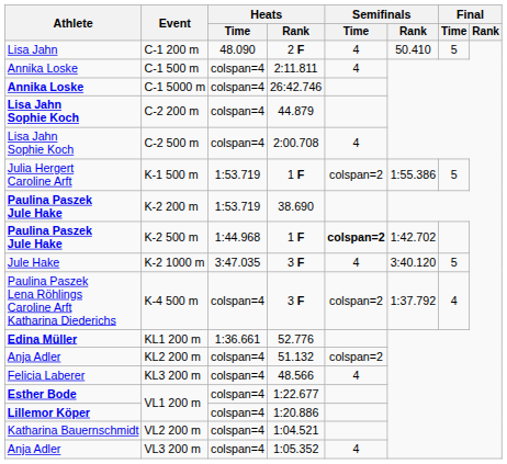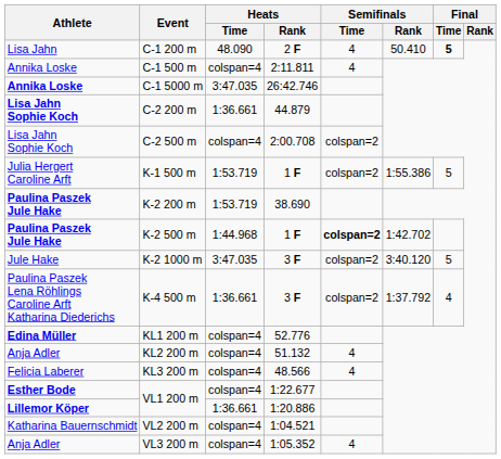 <table class=wikitable style="font-size:90%">
 <tr>
 <th rowspan="2">Athlete</th>
 <th rowspan="2">Event</th>
 <th colspan=2>Heats</th>
 <th colspan=2>Semifinals</th>
 <th colspan=2>Final</th>
 </tr>
 <tr style="font-size:95%">
 <th>Time</th>
 <th>Rank</th>
 <th>Time</th>
 <th>Rank</th>
 <th>Time</th>
 <th>Rank</th>
 </tr>
 <tr align=center>
 <td align=left><a href='#'>Lisa Jahn</a></td>
 <td align=left>C-1 200 m</td>
 <td>48.090</td>
 <td>2 <strong>F</strong></td>
 <td>4</td>
 <td>50.410</td>
-<td>5</td>
+<td><strong>5</strong></td>
 </tr>
 <tr align=center>
 <td align=left><a href='#'>Annika Loske</a></td>
 <td align=left>C-1 500 m</td>
 <td>colspan=4</td>
 <td>2:11.811</td>
 <td>4</td>
 </tr>
 <tr align=center>
 <td align=left><strong><a href='#'>Annika Loske</a></strong></td>
 <td align=left>C-1 5000 m</td>
-<td>colspan=4</td>
+<td>3:47.035</td>
 <td>26:42.746</td>
 <td></td>
 </tr>
 <tr align=center>
 <td align=left><strong><a href='#'>Lisa Jahn</a><br><a href='#'>Sophie Koch</a></strong></td>
 <td align=left>C-2 200 m</td>
-<td>colspan=4</td>
+<td>1:36.661</td>
 <td>44.879</td>
 <td></td>
 </tr>
 <tr align=center>
 <td align=left><a href='#'>Lisa Jahn</a><br><a href='#'>Sophie Koch</a></td>
 <td align=left>C-2 500 m</td>
 <td>colspan=4</td>
 <td>2:00.708</td>
-<td>4</td>
+<td>colspan=2</td>
 </tr>
 <tr align=center>
 <td align=left><a href='#'>Julia Hergert</a><br><a href='#'>Caroline Arft</a></td>
 <td align=left>K-1 500 m</td>
 <td>1:53.719</td>
 <td>1 <strong>F</strong></td>
 <td>colspan=2</td>
 <td>1:55.386</td>
 <td>5</td>
 </tr>
 <tr align=center>
 <td align=left><strong><a href='#'>Paulina Paszek</a><br><a href='#'>Jule Hake</a></strong></td>
 <td align=left>K-2 200 m</td>
 <td>1:53.719</td>
 <td>38.690</td>
 <td></td>
 </tr>
 <tr align=center>
 <td align=left><strong><a href='#'>Paulina Paszek</a><br><a href='#'>Jule Hake</a></strong></td>
 <td align=left>K-2 500 m</td>
 <td>1:44.968</td>
 <td>1 <strong>F</strong></td>
 <td><strong>colspan=2</strong></td>
 <td>1:42.702</td>
 <td></td>
 </tr>
 <tr align=center>
 <td align=left><a href='#'>Jule Hake</a></td>
 <td align=left>K-2 1000 m</td>
 <td>3:47.035</td>
 <td>3 <strong>F</strong></td>
-<td>4</td>
+<td>colspan=2</td>
 <td>3:40.120</td>
 <td>5</td>
 </tr>
 <tr align=center>
 <td align=left><a href='#'>Paulina Paszek</a><br><a href='#'>Lena Röhlings</a><br><a href='#'>Caroline Arft</a><br><a href='#'>Katharina Diederichs</a></td>
 <td align=left>K-4 500 m</td>
-<td>colspan=4</td>
+<td>1:36.661</td>
 <td>3 <strong>F</strong></td>
 <td>colspan=2</td>
 <td>1:37.792</td>
 <td>4</td>
 </tr>
 <tr align=center>
 <td align=left><strong><a href='#'>Edina Müller</a></strong></td>
 <td align=left>KL1 200 m</td>
-<td>1:36.661</td>
+<td>colspan=4</td>
 <td>52.776</td>
 <td></td>
 </tr>
 <tr align=center>
 <td align=left><a href='#'>Anja Adler</a></td>
 <td align=left>KL2 200 m</td>
 <td>colspan=4</td>
 <td>51.132</td>
-<td>colspan=2</td>
+<td>4</td>
 </tr>
 <tr align=center>
 <td align=left><a href='#'>Felicia Laberer</a></td>
 <td align=left>KL3 200 m</td>
 <td>colspan=4</td>
 <td>48.566</td>
 <td>4</td>
 </tr>
 <tr align=center>
 <td align=left><strong><a href='#'>Esther Bode</a></strong></td>
 <td align=left rowspan=2>VL1 200 m</td>
 <td>colspan=4</td>
 <td>1:22.677</td>
 <td></td>
 </tr>
 <tr align=center>
 <td align=left><strong><a href='#'>Lillemor Köper</a></strong></td>
-<td>colspan=4</td>
+<td>1:36.661</td>
 <td>1:20.886</td>
 <td></td>
 </tr>
 <tr align=center>
 <td align=left><a href='#'>Katharina Bauernschmidt</a></td>
 <td align=left>VL2 200 m</td>
 <td>colspan=4</td>
 <td>1:04.521</td>
 <td></td>
 </tr>
 <tr align=center>
 <td align=left><a href='#'>Anja Adler</a></td>
 <td align=left>VL3 200 m</td>
 <td>colspan=4</td>
 <td>1:05.352</td>
 <td>4</td>
 </tr>
 </table>
